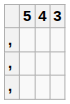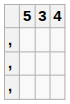 <table class="wikitable">
 <tr ---- valign="center">
 <th></th>
 <th>5</th>
+<th>3</th>
 <th>4</th>
-<th>3</th>
 </tr>
 <tr ---- valign="center" align="center">
 <th>, </th>
 <td></td>
 <td></td>
 <td></td>
 </tr>
 <tr ---- valign="center" align="center">
 <th>, </th>
 <td></td>
 <td></td>
 <td></td>
 </tr>
 <tr ---- valign="center" align="center">
 <th>, </th>
 <td></td>
 <td></td>
 <td></td>
 </tr>
 </table>
